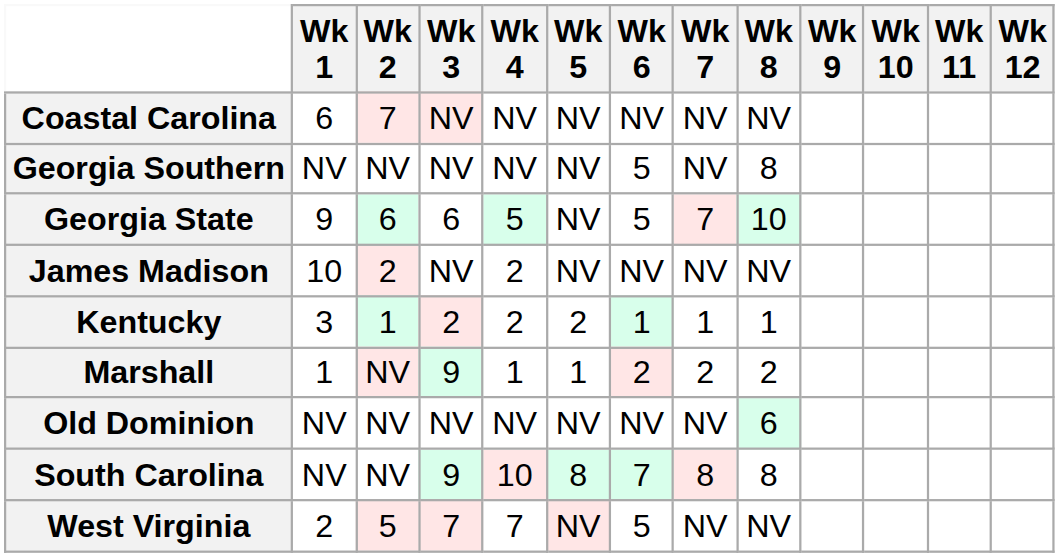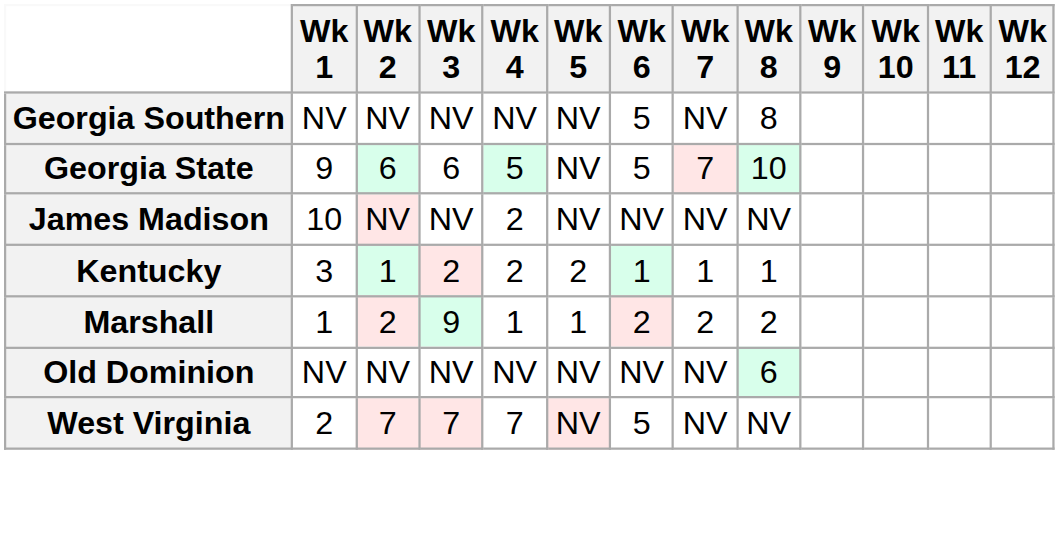 <table class="wikitable" style="white-space:nowrap;font-size:90%;text-align:center;">
 <tr>
 <th style="background:white; border-top-style:hidden; border-left-style:hidden;"> </th>
 <th>Wk<br> 1</th>
 <th>Wk<br>2</th>
 <th>Wk<br>3</th>
 <th>Wk<br>4</th>
 <th>Wk<br>5</th>
 <th>Wk<br>6</th>
 <th>Wk<br>7</th>
 <th>Wk<br>8</th>
 <th>Wk<br>9</th>
 <th>Wk<br>10</th>
 <th>Wk<br>11</th>
 <th>Wk<br>12</th>
-</tr>
-<tr>
-<th>Coastal Carolina</th>
-<td style="background:#FFF;">6</td>
-<td style="background:#ffe6e6;">7</td>
-<td style="background:#ffe6e6;">NV</td>
-<td style="background:#FFF;">NV</td>
-<td style="background:#FFF;">NV</td>
-<td style="background:#FFF;">NV</td>
-<td style="background:#FFF;">NV</td>
-<td style="background:#FFF;">NV</td>
-<td style="background:#FFF;"></td>
-<td style="background:#FFF;"></td>
-<td style="background:#FFF;"></td>
-<td style="background:#FFF;"></td>
 </tr>
 <tr>
 <th>Georgia Southern</th>
 <td style="background:#FFF;">NV</td>
 <td style="background:#FFF;">NV</td>
 <td style="background:#FFF;">NV</td>
 <td style="background:#FFF;">NV</td>
 <td style="background:#FFF;">NV</td>
 <td style="background:#FFF;">5</td>
 <td style="background:#FFF;">NV</td>
 <td style="background:#FFF;">8</td>
 <td style="background:#FFF;"></td>
 <td style="background:#FFF;"></td>
 <td style="background:#FFF;"></td>
 <td style="background:#FFF;"></td>
 </tr>
 <tr>
 <th>Georgia State</th>
 <td style="background:#FFF;">9</td>
 <td style="background:#d8ffeb;">6</td>
 <td style="background:#FFF;">6</td>
 <td style="background:#d8ffeb;">5</td>
 <td style="background:#FFF;">NV</td>
 <td style="background:#FFF;">5</td>
 <td style="background:#ffe6e6;">7</td>
 <td style="background:#d8ffeb;">10</td>
 <td style="background:#FFF;"></td>
 <td style="background:#FFF;"></td>
 <td style="background:#FFF;"></td>
 <td style="background:#FFF;"></td>
 </tr>
 <tr>
 <th>James Madison</th>
 <td style="background:#FFF;">10</td>
-<td style="background:#ffe6e6;">2</td>
+<td style="background:#ffe6e6;">NV</td>
 <td style="background:#FFF;">NV</td>
 <td style="background:#FFF;">2</td>
 <td style="background:#FFF;">NV</td>
 <td style="background:#FFF;">NV</td>
 <td style="background:#FFF;">NV</td>
 <td style="background:#FFF;">NV</td>
 <td style="background:#FFF;"></td>
 <td style="background:#FFF;"></td>
 <td style="background:#FFF;"></td>
 <td style="background:#FFF;"></td>
 </tr>
 <tr>
 <th>Kentucky</th>
 <td style="background:#FFF;">3</td>
 <td style="background:#d8ffeb;">1</td>
 <td style="background:#ffe6e6;">2</td>
 <td style="background:#FFF;">2</td>
 <td style="background:#FFF;">2</td>
 <td style="background:#d8ffeb;">1</td>
 <td style="background:#FFF;">1</td>
 <td style="background:#FFF;">1</td>
 <td style="background:#FFF;"></td>
 <td style="background:#FFF;"></td>
 <td style="background:#FFF;"></td>
 <td style="background:#FFF;"></td>
 </tr>
 <tr>
 <th>Marshall</th>
 <td style="background:#FFF;">1</td>
-<td style="background:#ffe6e6;">NV</td>
+<td style="background:#ffe6e6;">2</td>
 <td style="background:#d8ffeb;">9</td>
 <td style="background:#FFF;">1</td>
 <td style="background:#FFF;">1</td>
 <td style="background:#ffe6e6;">2</td>
 <td style="background:#FFF;">2</td>
 <td style="background:#FFF;">2</td>
 <td style="background:#FFF;"></td>
 <td style="background:#FFF;"></td>
 <td style="background:#FFF;"></td>
 <td style="background:#FFF;"></td>
 </tr>
 <tr>
 <th>Old Dominion</th>
 <td style="background:#FFF;">NV</td>
 <td style="background:#FFF;">NV</td>
 <td style="background:#FFF;">NV</td>
 <td style="background:#FFF;">NV</td>
 <td style="background:#FFF;">NV</td>
 <td style="background:#FFF;">NV</td>
 <td style="background:#FFF;">NV</td>
 <td style="background:#d8ffeb;">6</td>
 <td style="background:#FFF;"></td>
 <td style="background:#FFF;"></td>
 <td style="background:#FFF;"></td>
 <td style="background:#FFF;"></td>
 </tr>
 <tr>
-<th>South Carolina</th>
-<td style="background:#FFF;">NV</td>
-<td style="background:#FFF;">NV</td>
-<td style="background:#d8ffeb;">9</td>
-<td style="background:#ffe6e6;">10</td>
-<td style="background:#d8ffeb;">8</td>
-<td style="background:#d8ffeb;">7</td>
-<td style="background:#ffe6e6;">8</td>
-<td style="background:#FFF;">8</td>
-<td style="background:#FFF;"></td>
-<td style="background:#FFF;"></td>
-<td style="background:#FFF;"></td>
-<td style="background:#FFF;"></td>
-</tr>
-<tr>
 <th>West Virginia</th>
 <td style="background:#FFF;">2</td>
-<td style="background:#ffe6e6;">5</td>
+<td style="background:#ffe6e6;">7</td>
 <td style="background:#ffe6e6;">7</td>
 <td style="background:#FFF;">7</td>
 <td style="background:#ffe6e6;">NV</td>
 <td style="background:#FFF;">5</td>
 <td style="background:#FFF;">NV</td>
 <td style="background:#FFF;">NV</td>
 <td style="background:#FFF;"></td>
 <td style="background:#FFF;"></td>
 <td style="background:#FFF;"></td>
 <td style="background:#FFF;"></td>
 </tr>
 </table>
